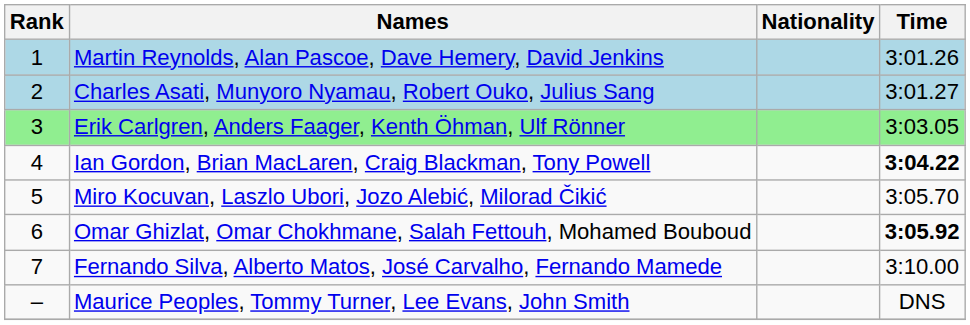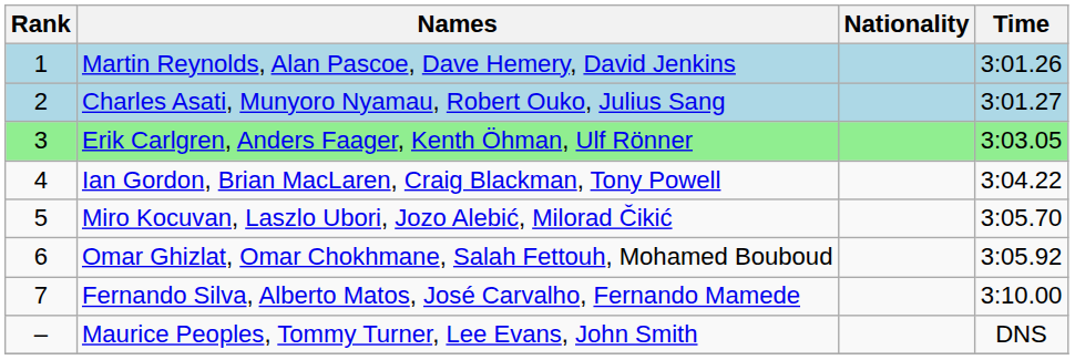 <table class="wikitable sortable" style="text-align:center">
 <tr>
 <th>Rank</th>
 <th>Names</th>
 <th>Nationality</th>
 <th>Time</th>
 </tr>
 <tr bgcolor=lightblue>
 <td>1</td>
 <td align=left><a href='#'>Martin Reynolds</a>, <a href='#'>Alan Pascoe</a>, <a href='#'>Dave Hemery</a>, <a href='#'>David Jenkins</a></td>
 <td align=left></td>
 <td>3:01.26</td>
 </tr>
 <tr bgcolor=lightblue>
 <td>2</td>
 <td align=left><a href='#'>Charles Asati</a>, <a href='#'>Munyoro Nyamau</a>, <a href='#'>Robert Ouko</a>, <a href='#'>Julius Sang</a></td>
 <td align=left></td>
 <td>3:01.27</td>
 </tr>
 <tr bgcolor=lightgreen>
 <td>3</td>
 <td align=left><a href='#'>Erik Carlgren</a>, <a href='#'>Anders Faager</a>, <a href='#'>Kenth Öhman</a>, <a href='#'>Ulf Rönner</a></td>
 <td align=left></td>
 <td>3:03.05</td>
 </tr>
 <tr>
 <td>4</td>
 <td align=left><a href='#'>Ian Gordon</a>, <a href='#'>Brian MacLaren</a>, <a href='#'>Craig Blackman</a>, <a href='#'>Tony Powell</a></td>
 <td align=left></td>
-<td><strong>3:04.22</strong></td>
+<td>3:04.22</td>
 </tr>
 <tr>
 <td>5</td>
 <td align=left><a href='#'>Miro Kocuvan</a>, <a href='#'>Laszlo Ubori</a>, <a href='#'>Jozo Alebić</a>, <a href='#'>Milorad Čikić</a></td>
 <td align=left></td>
 <td>3:05.70</td>
 </tr>
 <tr>
 <td>6</td>
 <td align=left><a href='#'>Omar Ghizlat</a>, <a href='#'>Omar Chokhmane</a>, <a href='#'>Salah Fettouh</a>, Mohamed Bouboud</td>
 <td align=left></td>
-<td><strong>3:05.92</strong></td>
+<td>3:05.92</td>
 </tr>
 <tr>
 <td>7</td>
 <td align=left><a href='#'>Fernando Silva</a>, <a href='#'>Alberto Matos</a>, <a href='#'>José Carvalho</a>, <a href='#'>Fernando Mamede</a></td>
 <td align=left></td>
 <td>3:10.00</td>
 </tr>
 <tr>
 <td>–</td>
 <td align=left><a href='#'>Maurice Peoples</a>, <a href='#'>Tommy Turner</a>, <a href='#'>Lee Evans</a>, <a href='#'>John Smith</a></td>
 <td align=left></td>
 <td>DNS</td>
 </tr>
 <tr>
 </tr>
 </table>
